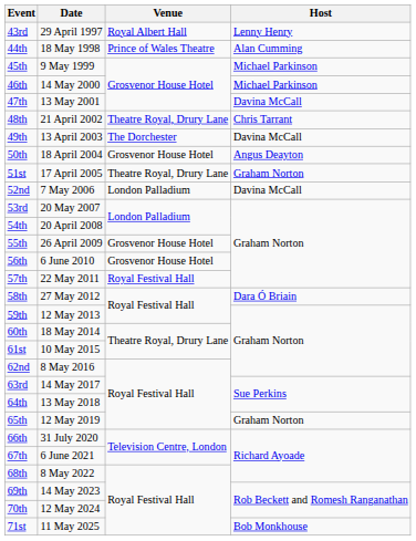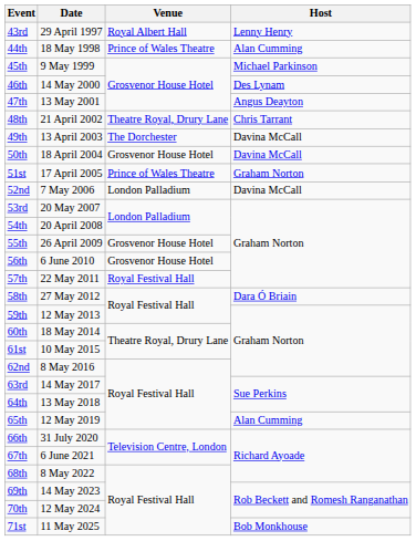 <table class="wikitable">
 <tr>
 <th scope="col">Event</th>
 <th scope="col">Date</th>
 <th scope="col">Venue</th>
 <th scope="col">Host</th>
 </tr>
 <tr>
 <td><a href='#'>43rd</a></td>
 <td>29 April 1997</td>
 <td><a href='#'>Royal Albert Hall</a></td>
 <td><a href='#'>Lenny Henry</a></td>
 </tr>
 <tr>
 <td><a href='#'>44th</a></td>
 <td>18 May 1998</td>
 <td><a href='#'>Prince of Wales Theatre</a></td>
 <td><a href='#'>Alan Cumming</a></td>
 </tr>
 <tr>
 <td><a href='#'>45th</a></td>
 <td>9 May 1999</td>
 <td rowspan="3"><a href='#'>Grosvenor House Hotel</a></td>
 <td><a href='#'>Michael Parkinson</a></td>
 </tr>
 <tr>
 <td><a href='#'>46th</a></td>
 <td>14 May 2000</td>
-<td><a href='#'>Michael Parkinson</a></td>
+<td><a href='#'>Des Lynam</a></td>
 </tr>
 <tr>
 <td><a href='#'>47th</a></td>
 <td>13 May 2001</td>
-<td><a href='#'>Davina McCall</a></td>
+<td><a href='#'>Angus Deayton</a></td>
 </tr>
 <tr>
 <td><a href='#'>48th</a></td>
 <td>21 April 2002</td>
 <td><a href='#'>Theatre Royal, Drury Lane</a></td>
 <td><a href='#'>Chris Tarrant</a></td>
 </tr>
 <tr>
 <td><a href='#'>49th</a></td>
 <td>13 April 2003</td>
 <td><a href='#'>The Dorchester</a></td>
 <td>Davina McCall</td>
 </tr>
 <tr>
 <td><a href='#'>50th</a></td>
 <td>18 April 2004</td>
 <td>Grosvenor House Hotel</td>
-<td><a href='#'>Angus Deayton</a></td>
+<td><a href='#'>Davina McCall</a></td>
 </tr>
 <tr>
 <td><a href='#'>51st</a></td>
 <td>17 April 2005</td>
-<td>Theatre Royal, Drury Lane</td>
+<td><a href='#'>Prince of Wales Theatre</a></td>
 <td><a href='#'>Graham Norton</a></td>
 </tr>
 <tr>
 <td><a href='#'>52nd</a></td>
 <td>7 May 2006</td>
 <td>London Palladium</td>
 <td>Davina McCall</td>
 </tr>
 <tr>
 <td><a href='#'>53rd</a></td>
 <td>20 May 2007</td>
 <td rowspan="2"><a href='#'>London Palladium</a></td>
 <td rowspan="5">Graham Norton</td>
 </tr>
 <tr>
 <td><a href='#'>54th</a></td>
 <td>20 April 2008</td>
 </tr>
 <tr>
 <td><a href='#'>55th</a></td>
 <td>26 April 2009</td>
 <td>Grosvenor House Hotel</td>
 </tr>
 <tr>
 <td><a href='#'>56th</a></td>
 <td>6 June 2010</td>
 <td>Grosvenor House Hotel</td>
 </tr>
 <tr>
 <td><a href='#'>57th</a></td>
 <td>22 May 2011</td>
 <td><a href='#'>Royal Festival Hall</a></td>
 </tr>
 <tr>
 <td><a href='#'>58th</a></td>
 <td>27 May 2012</td>
 <td rowspan="2">Royal Festival Hall</td>
 <td><a href='#'>Dara Ó Briain</a></td>
 </tr>
 <tr>
 <td><a href='#'>59th</a></td>
 <td>12 May 2013</td>
 <td rowspan="4">Graham Norton</td>
 </tr>
 <tr>
 <td><a href='#'>60th</a></td>
 <td>18 May 2014</td>
 <td rowspan="2">Theatre Royal, Drury Lane</td>
 </tr>
 <tr>
 <td><a href='#'>61st</a></td>
 <td>10 May 2015</td>
 </tr>
 <tr>
 <td><a href='#'>62nd</a></td>
 <td>8 May 2016</td>
 <td rowspan="4">Royal Festival Hall</td>
 </tr>
 <tr>
 <td><a href='#'>63rd</a></td>
 <td>14 May 2017</td>
 <td rowspan="2"><a href='#'>Sue Perkins</a></td>
 </tr>
 <tr>
 <td><a href='#'>64th</a></td>
 <td>13 May 2018</td>
 </tr>
 <tr>
 <td><a href='#'>65th</a></td>
 <td>12 May 2019</td>
-<td>Graham Norton</td>
+<td><a href='#'>Alan Cumming</a></td>
 </tr>
 <tr>
 <td><a href='#'>66th</a></td>
 <td>31 July 2020</td>
 <td rowspan="2"><a href='#'>Television Centre, London</a></td>
 <td rowspan="3”"><a href='#'>Richard Ayoade</a></td>
 </tr>
 <tr>
 <td><a href='#'>67th</a></td>
 <td>6 June 2021</td>
 </tr>
 <tr>
 <td><a href='#'>68th</a></td>
 <td>8 May 2022</td>
 <td rowspan="4">Royal Festival Hall</td>
 </tr>
 <tr>
 <td><a href='#'>69th</a></td>
 <td>14 May 2023</td>
 <td rowspan="2"><a href='#'>Rob Beckett</a> and <a href='#'>Romesh Ranganathan</a></td>
 </tr>
 <tr>
 <td><a href='#'>70th</a></td>
 <td>12 May 2024</td>
 </tr>
 <tr>
 <td><a href='#'>71st</a></td>
 <td>11 May 2025</td>
 <td><a href='#'>Bob Monkhouse</a></td>
 </tr>
 </table>
